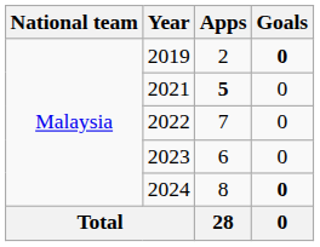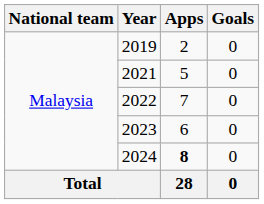 <table class="wikitable" style="text-align:center">
 <tr>
 <th>National team</th>
 <th>Year</th>
 <th>Apps</th>
 <th>Goals</th>
 </tr>
 <tr>
 <td rowspan=5><a href='#'>Malaysia</a></td>
 <td>2019</td>
 <td>2</td>
-<td><strong>0</strong></td>
+<td>0</td>
 </tr>
 <tr>
 <td>2021</td>
-<td><strong>5</strong></td>
+<td>5</td>
 <td>0</td>
 </tr>
 <tr>
 <td>2022</td>
 <td>7</td>
 <td>0</td>
 </tr>
 <tr>
 <td>2023</td>
 <td>6</td>
 <td>0</td>
 </tr>
 <tr>
 <td>2024</td>
-<td>8</td>
-<td><strong>0</strong></td>
+<td><strong>8</strong></td>
+<td>0</td>
 </tr>
 <tr>
 <th colspan=2>Total</th>
 <th>28</th>
 <th>0</th>
 </tr>
 </table>
